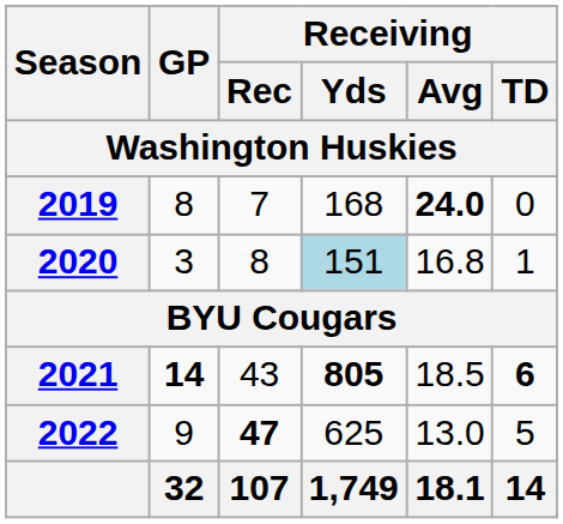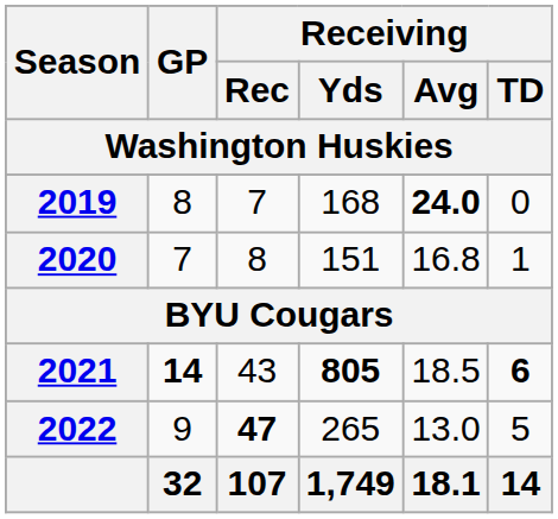 <table class="wikitable" style="text-align:center;">
 <tr>
 <th rowspan="2">Season</th>
 <th rowspan="2">GP</th>
 <th colspan="4">Receiving</th>
 </tr>
 <tr>
 <th>Rec</th>
 <th>Yds</th>
 <th>Avg</th>
 <th>TD</th>
 </tr>
 <tr>
 <th colspan="16">Washington Huskies</th>
 </tr>
 <tr>
 <th><a href='#'>2019</a></th>
 <td>8</td>
 <td>7</td>
 <td>168</td>
 <td><strong>24.0</strong></td>
 <td>0</td>
 </tr>
 <tr>
 <th><a href='#'>2020</a></th>
-<td>3</td>
+<td>7</td>
 <td>8</td>
-<td style="background: lightblue;">151</td>
+<td>151</td>
 <td>16.8</td>
 <td>1</td>
 </tr>
 <tr>
 <th colspan="16">BYU Cougars</th>
 </tr>
 <tr>
 <th><a href='#'>2021</a></th>
 <td><strong>14</strong></td>
 <td>43</td>
 <td><strong>805</strong></td>
 <td>18.5</td>
 <td><strong>6</strong></td>
 </tr>
 <tr>
 <th><a href='#'>2022</a></th>
 <td>9</td>
 <td><strong>47</strong></td>
-<td>625</td>
+<td>265</td>
 <td>13.0</td>
 <td>5</td>
 </tr>
 <tr>
 <th colspan="1"></th>
 <th>32</th>
 <th>107</th>
 <th>1,749</th>
 <th>18.1</th>
 <th>14</th>
 </tr>
 </table>
